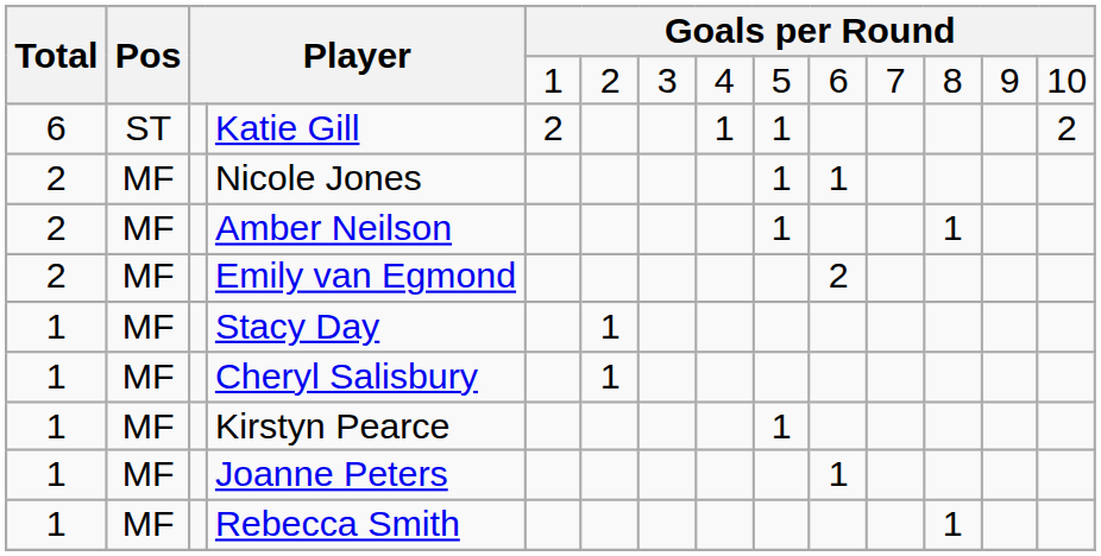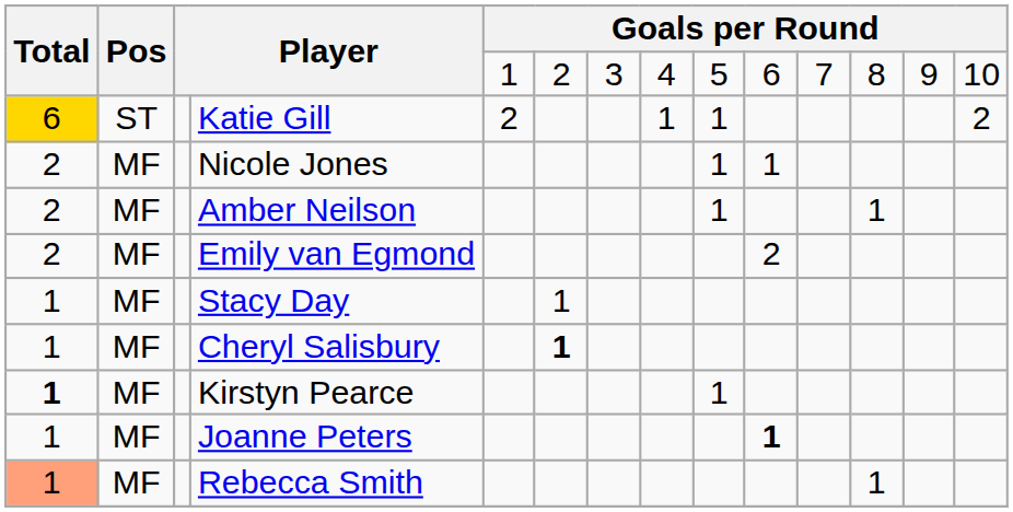 <table class="wikitable" style="text-align:center; line-height: 90%; font-size:90%;">
 <tr>
 <th rowspan="2">Total</th>
 <th rowspan="2">Pos</th>
 <th rowspan="2" colspan="2">Player</th>
 <th colspan="21">Goals per Round</th>
 </tr>
 <tr>
 <td> 1 </td>
 <td> 2 </td>
 <td> 3 </td>
 <td> 4 </td>
 <td> 5 </td>
 <td> 6 </td>
 <td> 7 </td>
 <td> 8 </td>
 <td> 9 </td>
 <td>10</td>
 </tr>
 <tr>
-<td>6</td>
+<td style="background: gold;">6</td>
 <td>ST</td>
 <td></td>
 <td style="text-align:left;"><a href='#'>Katie Gill</a></td>
 <td>2</td>
 <td></td>
 <td></td>
 <td>1</td>
 <td>1</td>
 <td></td>
 <td></td>
 <td></td>
 <td></td>
 <td>2</td>
 </tr>
 <tr>
 <td>2</td>
 <td>MF</td>
 <td></td>
 <td style="text-align:left;">Nicole Jones</td>
 <td></td>
 <td></td>
 <td></td>
 <td></td>
 <td>1</td>
 <td>1</td>
 <td></td>
 <td></td>
 <td></td>
 <td></td>
 </tr>
 <tr>
 <td>2</td>
 <td>MF</td>
 <td></td>
 <td style="text-align:left;"><a href='#'>Amber Neilson</a></td>
 <td></td>
 <td></td>
 <td></td>
 <td></td>
 <td>1</td>
 <td></td>
 <td></td>
 <td>1</td>
 <td></td>
 <td></td>
 </tr>
 <tr>
 <td>2</td>
 <td>MF</td>
 <td></td>
 <td style="text-align:left;"><a href='#'>Emily van Egmond</a></td>
 <td></td>
 <td></td>
 <td></td>
 <td></td>
 <td></td>
 <td>2</td>
 <td></td>
 <td></td>
 <td></td>
 <td></td>
 </tr>
 <tr>
 <td>1</td>
 <td>MF</td>
 <td></td>
 <td style="text-align:left;"><a href='#'>Stacy Day</a></td>
 <td></td>
 <td>1</td>
 <td></td>
 <td></td>
 <td></td>
 <td></td>
 <td></td>
 <td></td>
 <td></td>
 <td></td>
 </tr>
 <tr>
 <td>1</td>
 <td>MF</td>
 <td></td>
 <td style="text-align:left;"><a href='#'>Cheryl Salisbury</a></td>
 <td></td>
-<td>1</td>
+<td><strong>1</strong></td>
 <td></td>
 <td></td>
 <td></td>
 <td></td>
 <td></td>
 <td></td>
 <td></td>
 <td></td>
 </tr>
 <tr>
-<td>1</td>
+<td><strong>1</strong></td>
 <td>MF</td>
 <td></td>
 <td style="text-align:left;">Kirstyn Pearce</td>
 <td></td>
 <td></td>
 <td></td>
 <td></td>
 <td>1</td>
 <td></td>
 <td></td>
 <td></td>
 <td></td>
 <td></td>
 </tr>
 <tr>
 <td>1</td>
 <td>MF</td>
 <td></td>
 <td style="text-align:left;"><a href='#'>Joanne Peters</a></td>
 <td></td>
 <td></td>
 <td></td>
 <td></td>
 <td></td>
-<td>1</td>
+<td><strong>1</strong></td>
 <td></td>
 <td></td>
 <td></td>
 <td></td>
 </tr>
 <tr>
-<td>1</td>
+<td style="background: lightsalmon;">1</td>
 <td>MF</td>
 <td></td>
 <td style="text-align:left;"><a href='#'>Rebecca Smith</a></td>
 <td></td>
 <td></td>
 <td></td>
 <td></td>
 <td></td>
 <td></td>
 <td></td>
 <td>1</td>
 <td></td>
 <td></td>
 </tr>
 <tr>
 </tr>
 </table>
